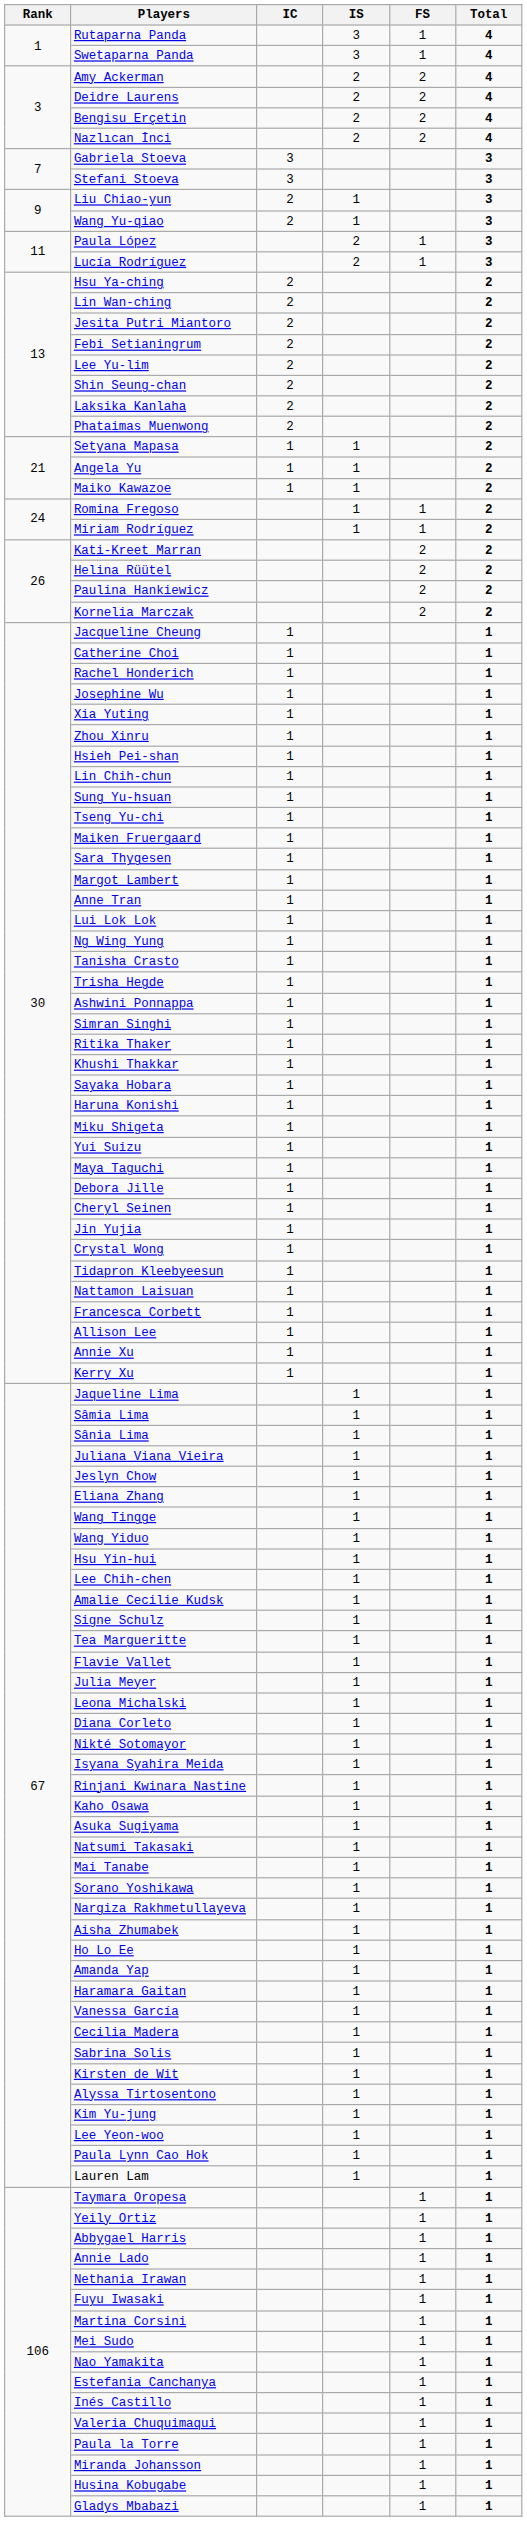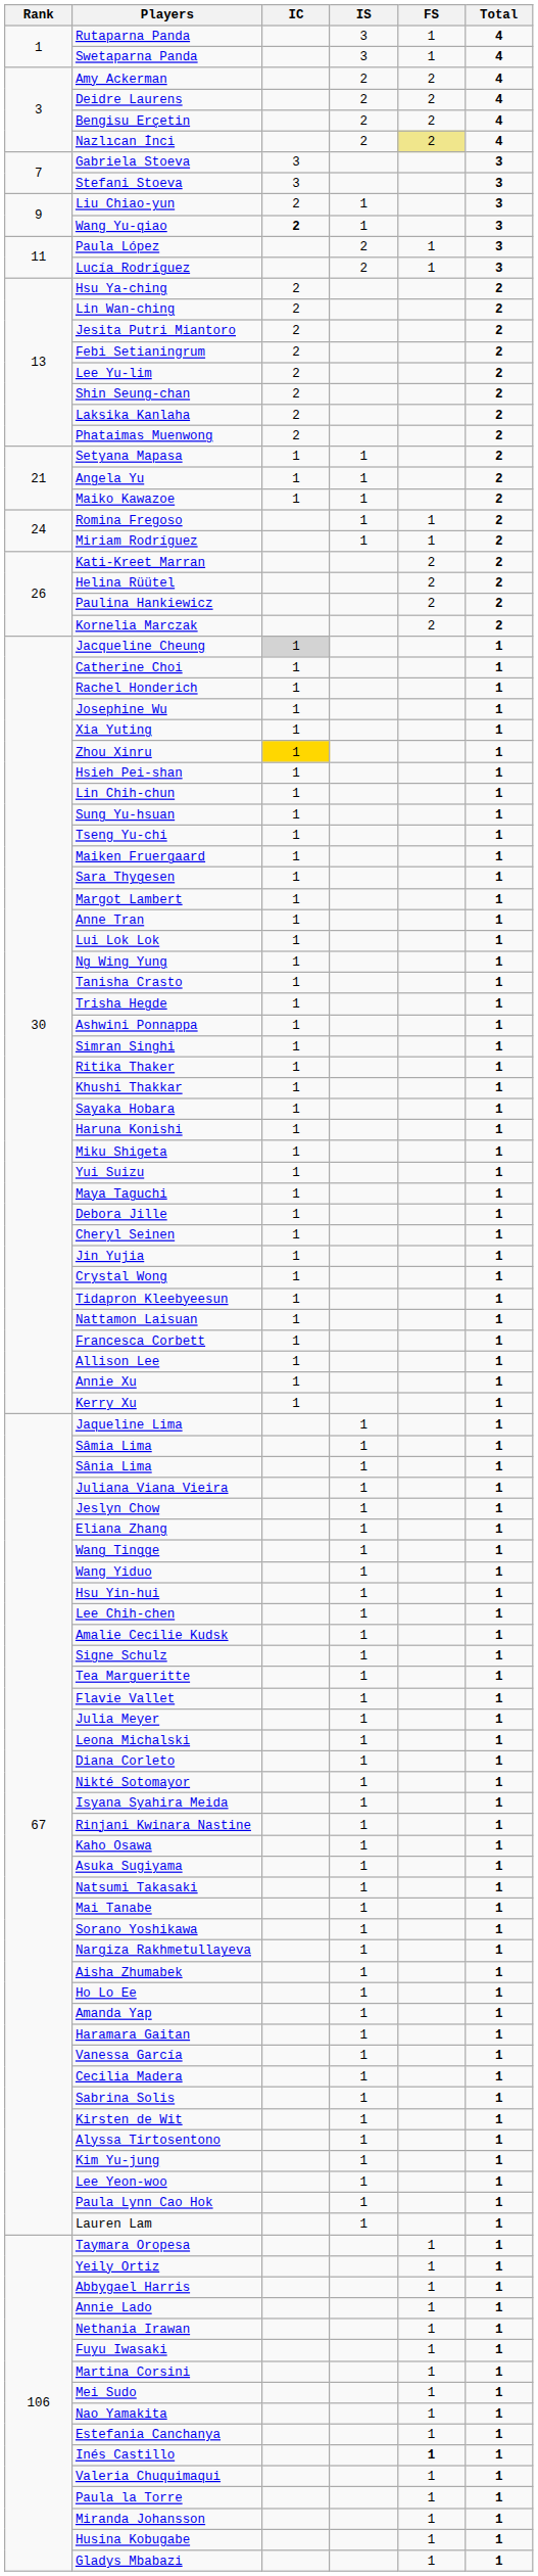 <table class="wikitable" style="font-size:80%; text-align:center">
 <tr>
 <th width="50">Rank</th>
 <th width="150">Players</th>
 <th width="50">IC</th>
 <th width="50">IS</th>
 <th width="50">FS</th>
 <th width="50">Total</th>
 </tr>
 <tr>
 <td rowspan="2">1</td>
 <td align="left"> <a href='#'>Rutaparna Panda</a></td>
 <td></td>
 <td>3</td>
 <td>1</td>
 <td><strong>4</strong></td>
 </tr>
 <tr>
 <td align="left"> <a href='#'>Swetaparna Panda</a></td>
 <td></td>
 <td>3</td>
 <td>1</td>
 <td><strong>4</strong></td>
 </tr>
 <tr>
 <td rowspan="4">3</td>
 <td align="left"> <a href='#'>Amy Ackerman</a></td>
 <td></td>
 <td>2</td>
 <td>2</td>
 <td><strong>4</strong></td>
 </tr>
 <tr>
 <td align="left"> <a href='#'>Deidre Laurens</a></td>
 <td></td>
 <td>2</td>
 <td>2</td>
 <td><strong>4</strong></td>
 </tr>
 <tr>
 <td align="left"> <a href='#'>Bengisu Erçetin</a></td>
 <td></td>
 <td>2</td>
 <td>2</td>
 <td><strong>4</strong></td>
 </tr>
 <tr>
 <td align="left"> <a href='#'>Nazlıcan İnci</a></td>
 <td></td>
 <td>2</td>
-<td>2</td>
+<td style="background: khaki;">2</td>
 <td><strong>4</strong></td>
 </tr>
 <tr>
 <td rowspan="2">7</td>
 <td align="left"> <a href='#'>Gabriela Stoeva</a></td>
 <td>3</td>
 <td></td>
 <td></td>
 <td><strong>3</strong></td>
 </tr>
 <tr>
 <td align="left"> <a href='#'>Stefani Stoeva</a></td>
 <td>3</td>
 <td></td>
 <td></td>
 <td><strong>3</strong></td>
 </tr>
 <tr>
 <td rowspan="2">9</td>
 <td align="left"> <a href='#'>Liu Chiao-yun</a></td>
 <td>2</td>
 <td>1</td>
 <td></td>
 <td><strong>3</strong></td>
 </tr>
 <tr>
 <td align="left"> <a href='#'>Wang Yu-qiao</a></td>
-<td>2</td>
+<td><strong>2</strong></td>
 <td>1</td>
 <td></td>
 <td><strong>3</strong></td>
 </tr>
 <tr>
 <td rowspan="2">11</td>
 <td align="left"> <a href='#'>Paula López</a></td>
 <td></td>
 <td>2</td>
 <td>1</td>
 <td><strong>3</strong></td>
 </tr>
 <tr>
 <td align="left"> <a href='#'>Lucía Rodríguez</a></td>
 <td></td>
 <td>2</td>
 <td>1</td>
 <td><strong>3</strong></td>
 </tr>
 <tr>
 <td rowspan="8">13</td>
 <td align="left"> <a href='#'>Hsu Ya-ching</a></td>
 <td>2</td>
 <td></td>
 <td></td>
 <td><strong>2</strong></td>
 </tr>
 <tr>
 <td align="left"> <a href='#'>Lin Wan-ching</a></td>
 <td>2</td>
 <td></td>
 <td></td>
 <td><strong>2</strong></td>
 </tr>
 <tr>
 <td align="left"> <a href='#'>Jesita Putri Miantoro</a></td>
 <td>2</td>
 <td></td>
 <td></td>
 <td><strong>2</strong></td>
 </tr>
 <tr>
 <td align="left"> <a href='#'>Febi Setianingrum</a></td>
 <td>2</td>
 <td></td>
 <td></td>
 <td><strong>2</strong></td>
 </tr>
 <tr>
 <td align="left"> <a href='#'>Lee Yu-lim</a></td>
 <td>2</td>
 <td></td>
 <td></td>
 <td><strong>2</strong></td>
 </tr>
 <tr>
 <td align="left"> <a href='#'>Shin Seung-chan</a></td>
 <td>2</td>
 <td></td>
 <td></td>
 <td><strong>2</strong></td>
 </tr>
 <tr>
 <td align="left"> <a href='#'>Laksika Kanlaha</a></td>
 <td>2</td>
 <td></td>
 <td></td>
 <td><strong>2</strong></td>
 </tr>
 <tr>
 <td align="left"> <a href='#'>Phataimas Muenwong</a></td>
 <td>2</td>
 <td></td>
 <td></td>
 <td><strong>2</strong></td>
 </tr>
 <tr>
 <td rowspan="3">21</td>
 <td align="left"> <a href='#'>Setyana Mapasa</a></td>
 <td>1</td>
 <td>1</td>
 <td></td>
 <td><strong>2</strong></td>
 </tr>
 <tr>
 <td align="left"> <a href='#'>Angela Yu</a></td>
 <td>1</td>
 <td>1</td>
 <td></td>
 <td><strong>2</strong></td>
 </tr>
 <tr>
 <td align="left"> <a href='#'>Maiko Kawazoe</a></td>
 <td>1</td>
 <td>1</td>
 <td></td>
 <td><strong>2</strong></td>
 </tr>
 <tr>
 <td rowspan="2">24</td>
 <td align="left"> <a href='#'>Romina Fregoso</a></td>
 <td></td>
 <td>1</td>
 <td>1</td>
 <td><strong>2</strong></td>
 </tr>
 <tr>
 <td align="left"> <a href='#'>Miriam Rodríguez</a></td>
 <td></td>
 <td>1</td>
 <td>1</td>
 <td><strong>2</strong></td>
 </tr>
 <tr>
 <td rowspan="4">26</td>
 <td align="left"> <a href='#'>Kati-Kreet Marran</a></td>
 <td></td>
 <td></td>
 <td>2</td>
 <td><strong>2</strong></td>
 </tr>
 <tr>
 <td align="left"> <a href='#'>Helina Rüütel</a></td>
 <td></td>
 <td></td>
 <td>2</td>
 <td><strong>2</strong></td>
 </tr>
 <tr>
 <td align="left"> <a href='#'>Paulina Hankiewicz</a></td>
 <td></td>
 <td></td>
 <td>2</td>
 <td><strong>2</strong></td>
 </tr>
 <tr>
 <td align="left"> <a href='#'>Kornelia Marczak</a></td>
 <td></td>
 <td></td>
 <td>2</td>
 <td><strong>2</strong></td>
 </tr>
 <tr>
 <td rowspan="37">30</td>
 <td align="left"> <a href='#'>Jacqueline Cheung</a></td>
-<td>1</td>
+<td style="background: lightgrey;">1</td>
 <td></td>
 <td></td>
 <td><strong>1</strong></td>
 </tr>
 <tr>
 <td align="left"> <a href='#'>Catherine Choi</a></td>
 <td>1</td>
 <td></td>
 <td></td>
 <td><strong>1</strong></td>
 </tr>
 <tr>
 <td align="left"> <a href='#'>Rachel Honderich</a></td>
 <td>1</td>
 <td></td>
 <td></td>
 <td><strong>1</strong></td>
 </tr>
 <tr>
 <td align="left"> <a href='#'>Josephine Wu</a></td>
 <td>1</td>
 <td></td>
 <td></td>
 <td><strong>1</strong></td>
 </tr>
 <tr>
 <td align="left"> <a href='#'>Xia Yuting</a></td>
 <td>1</td>
 <td></td>
 <td></td>
 <td><strong>1</strong></td>
 </tr>
 <tr>
 <td align="left"> <a href='#'>Zhou Xinru</a></td>
-<td>1</td>
+<td style="background: gold;">1</td>
 <td></td>
 <td></td>
 <td><strong>1</strong></td>
 </tr>
 <tr>
 <td align="left"> <a href='#'>Hsieh Pei-shan</a></td>
 <td>1</td>
 <td></td>
 <td></td>
 <td><strong>1</strong></td>
 </tr>
 <tr>
 <td align="left"> <a href='#'>Lin Chih-chun</a></td>
 <td>1</td>
 <td></td>
 <td></td>
 <td><strong>1</strong></td>
 </tr>
 <tr>
 <td align="left"> <a href='#'>Sung Yu-hsuan</a></td>
 <td>1</td>
 <td></td>
 <td></td>
 <td><strong>1</strong></td>
 </tr>
 <tr>
 <td align="left"> <a href='#'>Tseng Yu-chi</a></td>
 <td>1</td>
 <td></td>
 <td></td>
 <td><strong>1</strong></td>
 </tr>
 <tr>
 <td align="left"> <a href='#'>Maiken Fruergaard</a></td>
 <td>1</td>
 <td></td>
 <td></td>
 <td><strong>1</strong></td>
 </tr>
 <tr>
 <td align="left"> <a href='#'>Sara Thygesen</a></td>
 <td>1</td>
 <td></td>
 <td></td>
 <td><strong>1</strong></td>
 </tr>
 <tr>
 <td align="left"> <a href='#'>Margot Lambert</a></td>
 <td>1</td>
 <td></td>
 <td></td>
 <td><strong>1</strong></td>
 </tr>
 <tr>
 <td align="left"> <a href='#'>Anne Tran</a></td>
 <td>1</td>
 <td></td>
 <td></td>
 <td><strong>1</strong></td>
 </tr>
 <tr>
 <td align="left"> <a href='#'>Lui Lok Lok</a></td>
 <td>1</td>
 <td></td>
 <td></td>
 <td><strong>1</strong></td>
 </tr>
 <tr>
 <td align="left"> <a href='#'>Ng Wing Yung</a></td>
 <td>1</td>
 <td></td>
 <td></td>
 <td><strong>1</strong></td>
 </tr>
 <tr>
 <td align="left"> <a href='#'>Tanisha Crasto</a></td>
 <td>1</td>
 <td></td>
 <td></td>
 <td><strong>1</strong></td>
 </tr>
 <tr>
 <td align="left"> <a href='#'>Trisha Hegde</a></td>
 <td>1</td>
 <td></td>
 <td></td>
 <td><strong>1</strong></td>
 </tr>
 <tr>
 <td align="left"> <a href='#'>Ashwini Ponnappa</a></td>
 <td>1</td>
 <td></td>
 <td></td>
 <td><strong>1</strong></td>
 </tr>
 <tr>
 <td align="left"> <a href='#'>Simran Singhi</a></td>
 <td>1</td>
 <td></td>
 <td></td>
 <td><strong>1</strong></td>
 </tr>
 <tr>
 <td align="left"> <a href='#'>Ritika Thaker</a></td>
 <td>1</td>
 <td></td>
 <td></td>
 <td><strong>1</strong></td>
 </tr>
 <tr>
 <td align="left"> <a href='#'>Khushi Thakkar</a></td>
 <td>1</td>
 <td></td>
 <td></td>
 <td><strong>1</strong></td>
 </tr>
 <tr>
 <td align="left"> <a href='#'>Sayaka Hobara</a></td>
 <td>1</td>
 <td></td>
 <td></td>
 <td><strong>1</strong></td>
 </tr>
 <tr>
 <td align="left"> <a href='#'>Haruna Konishi</a></td>
 <td>1</td>
 <td></td>
 <td></td>
 <td><strong>1</strong></td>
 </tr>
 <tr>
 <td align="left"> <a href='#'>Miku Shigeta</a></td>
 <td>1</td>
 <td></td>
 <td></td>
 <td><strong>1</strong></td>
 </tr>
 <tr>
 <td align="left"> <a href='#'>Yui Suizu</a></td>
 <td>1</td>
 <td></td>
 <td></td>
 <td><strong>1</strong></td>
 </tr>
 <tr>
 <td align="left"> <a href='#'>Maya Taguchi</a></td>
 <td>1</td>
 <td></td>
 <td></td>
 <td><strong>1</strong></td>
 </tr>
 <tr>
 <td align="left"> <a href='#'>Debora Jille</a></td>
 <td>1</td>
 <td></td>
 <td></td>
 <td><strong>1</strong></td>
 </tr>
 <tr>
 <td align="left"> <a href='#'>Cheryl Seinen</a></td>
 <td>1</td>
 <td></td>
 <td></td>
 <td><strong>1</strong></td>
 </tr>
 <tr>
 <td align="left"> <a href='#'>Jin Yujia</a></td>
 <td>1</td>
 <td></td>
 <td></td>
 <td><strong>1</strong></td>
 </tr>
 <tr>
 <td align="left"> <a href='#'>Crystal Wong</a></td>
 <td>1</td>
 <td></td>
 <td></td>
 <td><strong>1</strong></td>
 </tr>
 <tr>
 <td align="left"> <a href='#'>Tidapron Kleebyeesun</a></td>
 <td>1</td>
 <td></td>
 <td></td>
 <td><strong>1</strong></td>
 </tr>
 <tr>
 <td align="left"> <a href='#'>Nattamon Laisuan</a></td>
 <td>1</td>
 <td></td>
 <td></td>
 <td><strong>1</strong></td>
 </tr>
 <tr>
 <td align="left"> <a href='#'>Francesca Corbett</a></td>
 <td>1</td>
 <td></td>
 <td></td>
 <td><strong>1</strong></td>
 </tr>
 <tr>
 <td align="left"> <a href='#'>Allison Lee</a></td>
 <td>1</td>
 <td></td>
 <td></td>
 <td><strong>1</strong></td>
 </tr>
 <tr>
 <td align="left"> <a href='#'>Annie Xu</a></td>
 <td>1</td>
 <td></td>
 <td></td>
 <td><strong>1</strong></td>
 </tr>
 <tr>
 <td align="left"> <a href='#'>Kerry Xu</a></td>
 <td>1</td>
 <td></td>
 <td></td>
 <td><strong>1</strong></td>
 </tr>
 <tr>
 <td rowspan="39">67</td>
 <td align="left"> <a href='#'>Jaqueline Lima</a></td>
 <td></td>
 <td>1</td>
 <td></td>
 <td><strong>1</strong></td>
 </tr>
 <tr>
 <td align="left"> <a href='#'>Sâmia Lima</a></td>
 <td></td>
 <td>1</td>
 <td></td>
 <td><strong>1</strong></td>
 </tr>
 <tr>
 <td align="left"> <a href='#'>Sânia Lima</a></td>
 <td></td>
 <td>1</td>
 <td></td>
 <td><strong>1</strong></td>
 </tr>
 <tr>
 <td align="left"> <a href='#'>Juliana Viana Vieira</a></td>
 <td></td>
 <td>1</td>
 <td></td>
 <td><strong>1</strong></td>
 </tr>
 <tr>
 <td align="left"> <a href='#'>Jeslyn Chow</a></td>
 <td></td>
 <td>1</td>
 <td></td>
 <td><strong>1</strong></td>
 </tr>
 <tr>
 <td align="left"> <a href='#'>Eliana Zhang</a></td>
 <td></td>
 <td>1</td>
 <td></td>
 <td><strong>1</strong></td>
 </tr>
 <tr>
 <td align="left"> <a href='#'>Wang Tingge</a></td>
 <td></td>
 <td>1</td>
 <td></td>
 <td><strong>1</strong></td>
 </tr>
 <tr>
 <td align="left"> <a href='#'>Wang Yiduo</a></td>
 <td></td>
 <td>1</td>
 <td></td>
 <td><strong>1</strong></td>
 </tr>
 <tr>
 <td align="left"> <a href='#'>Hsu Yin-hui</a></td>
 <td></td>
 <td>1</td>
 <td></td>
 <td><strong>1</strong></td>
 </tr>
 <tr>
 <td align="left"> <a href='#'>Lee Chih-chen</a></td>
 <td></td>
 <td>1</td>
 <td></td>
 <td><strong>1</strong></td>
 </tr>
 <tr>
 <td align="left"> <a href='#'>Amalie Cecilie Kudsk</a></td>
 <td></td>
 <td>1</td>
 <td></td>
 <td><strong>1</strong></td>
 </tr>
 <tr>
 <td align="left"> <a href='#'>Signe Schulz</a></td>
 <td></td>
 <td>1</td>
 <td></td>
 <td><strong>1</strong></td>
 </tr>
 <tr>
 <td align="left"> <a href='#'>Tea Margueritte</a></td>
 <td></td>
 <td>1</td>
 <td></td>
 <td><strong>1</strong></td>
 </tr>
 <tr>
 <td align="left"> <a href='#'>Flavie Vallet</a></td>
 <td></td>
 <td>1</td>
 <td></td>
 <td><strong>1</strong></td>
 </tr>
 <tr>
 <td align="left"> <a href='#'>Julia Meyer</a></td>
 <td></td>
 <td>1</td>
 <td></td>
 <td><strong>1</strong></td>
 </tr>
 <tr>
 <td align="left"> <a href='#'>Leona Michalski</a></td>
 <td></td>
 <td>1</td>
 <td></td>
 <td><strong>1</strong></td>
 </tr>
 <tr>
 <td align="left"> <a href='#'>Diana Corleto</a></td>
 <td></td>
 <td>1</td>
 <td></td>
 <td><strong>1</strong></td>
 </tr>
 <tr>
 <td align="left"> <a href='#'>Nikté Sotomayor</a></td>
 <td></td>
 <td>1</td>
 <td></td>
 <td><strong>1</strong></td>
 </tr>
 <tr>
 <td align="left"> <a href='#'>Isyana Syahira Meida</a></td>
 <td></td>
 <td>1</td>
 <td></td>
 <td><strong>1</strong></td>
 </tr>
 <tr>
 <td align="left"> <a href='#'>Rinjani Kwinara Nastine</a></td>
 <td></td>
 <td>1</td>
 <td></td>
 <td><strong>1</strong></td>
 </tr>
 <tr>
 <td align="left"> <a href='#'>Kaho Osawa</a></td>
 <td></td>
 <td>1</td>
 <td></td>
 <td><strong>1</strong></td>
 </tr>
 <tr>
 <td align="left"> <a href='#'>Asuka Sugiyama</a></td>
 <td></td>
 <td>1</td>
 <td></td>
 <td><strong>1</strong></td>
 </tr>
 <tr>
 <td align="left"> <a href='#'>Natsumi Takasaki</a></td>
 <td></td>
 <td>1</td>
 <td></td>
 <td><strong>1</strong></td>
 </tr>
 <tr>
 <td align="left"> <a href='#'>Mai Tanabe</a></td>
 <td></td>
 <td>1</td>
 <td></td>
 <td><strong>1</strong></td>
 </tr>
 <tr>
 <td align="left"> <a href='#'>Sorano Yoshikawa</a></td>
 <td></td>
 <td>1</td>
 <td></td>
 <td><strong>1</strong></td>
 </tr>
 <tr>
 <td align="left"> <a href='#'>Nargiza Rakhmetullayeva</a></td>
 <td></td>
 <td>1</td>
 <td></td>
 <td><strong>1</strong></td>
 </tr>
 <tr>
 <td align="left"> <a href='#'>Aisha Zhumabek</a></td>
 <td></td>
 <td>1</td>
 <td></td>
 <td><strong>1</strong></td>
 </tr>
 <tr>
 <td align="left"> <a href='#'>Ho Lo Ee</a></td>
 <td></td>
 <td>1</td>
 <td></td>
 <td><strong>1</strong></td>
 </tr>
 <tr>
 <td align="left"> <a href='#'>Amanda Yap</a></td>
 <td></td>
 <td>1</td>
 <td></td>
 <td><strong>1</strong></td>
 </tr>
 <tr>
 <td align="left"> <a href='#'>Haramara Gaitan</a></td>
 <td></td>
 <td>1</td>
 <td></td>
 <td><strong>1</strong></td>
 </tr>
 <tr>
 <td align="left"> <a href='#'>Vanessa García</a></td>
 <td></td>
 <td>1</td>
 <td></td>
 <td><strong>1</strong></td>
 </tr>
 <tr>
 <td align="left"> <a href='#'>Cecilia Madera</a></td>
 <td></td>
 <td>1</td>
 <td></td>
 <td><strong>1</strong></td>
 </tr>
 <tr>
 <td align="left"> <a href='#'>Sabrina Solis</a></td>
 <td></td>
 <td>1</td>
 <td></td>
 <td><strong>1</strong></td>
 </tr>
 <tr>
 <td align="left"> <a href='#'>Kirsten de Wit</a></td>
 <td></td>
 <td>1</td>
 <td></td>
 <td><strong>1</strong></td>
 </tr>
 <tr>
 <td align="left"> <a href='#'>Alyssa Tirtosentono</a></td>
 <td></td>
 <td>1</td>
 <td></td>
 <td><strong>1</strong></td>
 </tr>
 <tr>
 <td align="left"> <a href='#'>Kim Yu-jung</a></td>
 <td></td>
 <td>1</td>
 <td></td>
 <td><strong>1</strong></td>
 </tr>
 <tr>
 <td align="left"> <a href='#'>Lee Yeon-woo</a></td>
 <td></td>
 <td>1</td>
 <td></td>
 <td><strong>1</strong></td>
 </tr>
 <tr>
 <td align="left"> <a href='#'>Paula Lynn Cao Hok</a></td>
 <td></td>
 <td>1</td>
 <td></td>
 <td><strong>1</strong></td>
 </tr>
 <tr>
 <td align="left"> Lauren Lam</td>
 <td></td>
 <td>1</td>
 <td></td>
 <td><strong>1</strong></td>
 </tr>
 <tr>
 <td rowspan="18">106</td>
 <td align="left"> <a href='#'>Taymara Oropesa</a></td>
 <td></td>
 <td></td>
 <td>1</td>
 <td><strong>1</strong></td>
 </tr>
 <tr>
 <td align="left"> <a href='#'>Yeily Ortiz</a></td>
 <td></td>
 <td></td>
 <td>1</td>
 <td><strong>1</strong></td>
 </tr>
 <tr>
 <td align="left"> <a href='#'>Abbygael Harris</a></td>
 <td></td>
 <td></td>
 <td>1</td>
 <td><strong>1</strong></td>
 </tr>
 <tr>
 <td align="left"> <a href='#'>Annie Lado</a></td>
 <td></td>
 <td></td>
 <td>1</td>
 <td><strong>1</strong></td>
 </tr>
 <tr>
 <td align="left"> <a href='#'>Nethania Irawan</a></td>
 <td></td>
 <td></td>
 <td>1</td>
 <td><strong>1</strong></td>
 </tr>
 <tr>
 <td align="left"> <a href='#'>Fuyu Iwasaki</a></td>
 <td></td>
 <td></td>
 <td>1</td>
 <td><strong>1</strong></td>
 </tr>
 <tr>
 <td align="left"> <a href='#'>Martina Corsini</a></td>
 <td></td>
 <td></td>
 <td>1</td>
 <td><strong>1</strong></td>
 </tr>
 <tr>
 <td align="left"> <a href='#'>Mei Sudo</a></td>
 <td></td>
 <td></td>
 <td>1</td>
 <td><strong>1</strong></td>
 </tr>
 <tr>
 <td align="left"> <a href='#'>Nao Yamakita</a></td>
 <td></td>
 <td></td>
 <td>1</td>
 <td><strong>1</strong></td>
 </tr>
 <tr>
 <td align="left"> <a href='#'>Estefania Canchanya</a></td>
 <td></td>
 <td></td>
 <td>1</td>
 <td><strong>1</strong></td>
 </tr>
 <tr>
 <td align="left"> <a href='#'>Inés Castillo</a></td>
 <td></td>
 <td></td>
-<td>1</td>
+<td><strong>1</strong></td>
 <td><strong>1</strong></td>
 </tr>
 <tr>
 <td align="left"> <a href='#'>Valeria Chuquimaqui</a></td>
 <td></td>
 <td></td>
 <td>1</td>
 <td><strong>1</strong></td>
 </tr>
 <tr>
 <td align="left"> <a href='#'>Paula la Torre</a></td>
 <td></td>
 <td></td>
 <td>1</td>
 <td><strong>1</strong></td>
 </tr>
 <tr>
 <td align="left"> <a href='#'>Miranda Johansson</a></td>
 <td></td>
 <td></td>
 <td>1</td>
 <td><strong>1</strong></td>
 </tr>
 <tr>
 <td align="left"> <a href='#'>Husina Kobugabe</a></td>
 <td></td>
 <td></td>
 <td>1</td>
 <td><strong>1</strong></td>
 </tr>
 <tr>
 <td align="left"> <a href='#'>Gladys Mbabazi</a></td>
 <td></td>
 <td></td>
 <td>1</td>
 <td><strong>1</strong></td>
 </tr>
 </table>
